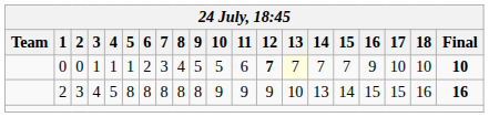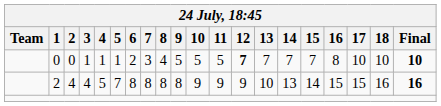 <table class=wikitable style="text-align:center; width: 55%">
 <tr>
 <th colspan=20><em>24 July, 18:45</em></th>
 </tr>
 <tr>
 <th>Team</th>
 <th>1</th>
 <th>2</th>
 <th>3</th>
 <th>4</th>
 <th>5</th>
 <th>6</th>
 <th>7</th>
 <th>8</th>
 <th>9</th>
 <th>10</th>
 <th>11</th>
 <th>12</th>
 <th>13</th>
 <th>14</th>
 <th>15</th>
 <th>16</th>
 <th>17</th>
 <th>18</th>
 <th>Final</th>
 </tr>
 <tr>
 <td align=left></td>
 <td>0</td>
 <td>0</td>
 <td>1</td>
 <td>1</td>
 <td>1</td>
 <td>2</td>
 <td>3</td>
 <td>4</td>
 <td>5</td>
 <td>5</td>
-<td>6</td>
+<td>5</td>
 <td><strong>7</strong></td>
-<td style="background: lightyellow;">7</td>
 <td>7</td>
 <td>7</td>
-<td>9</td>
+<td>7</td>
+<td>8</td>
 <td>10</td>
 <td>10</td>
 <td><strong>10</strong></td>
 </tr>
 <tr>
 <td align=left><strong></strong></td>
 <td>2</td>
-<td>3</td>
+<td>4</td>
 <td>4</td>
 <td>5</td>
-<td>8</td>
+<td>7</td>
 <td>8</td>
 <td>8</td>
 <td>8</td>
 <td>8</td>
 <td>9</td>
 <td>9</td>
 <td>9</td>
 <td>10</td>
 <td>13</td>
 <td>14</td>
 <td>15</td>
 <td>15</td>
 <td>16</td>
 <td><strong>16</strong></td>
 </tr>
 <tr>
 <td colspan=20></td>
 </tr>
 </table>
